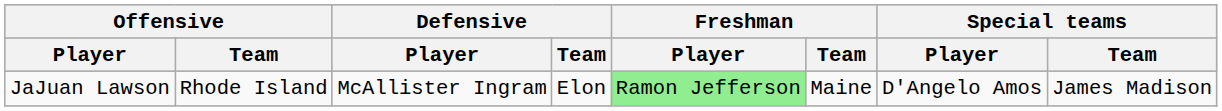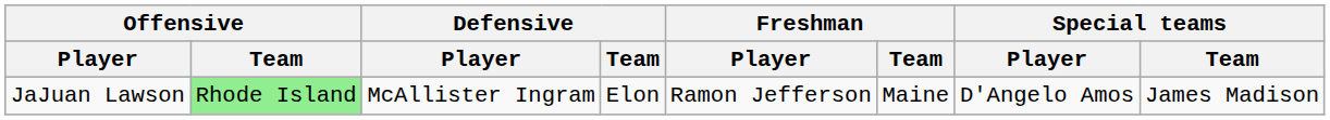 <table class="wikitable" border="1">
 <tr>
 <th colspan="2">Offensive</th>
 <th colspan="2">Defensive</th>
 <th colspan="2">Freshman</th>
 <th colspan="2">Special teams</th>
 </tr>
 <tr>
 <th>Player</th>
 <th>Team</th>
 <th>Player</th>
 <th>Team</th>
 <th>Player</th>
 <th>Team</th>
 <th>Player</th>
 <th>Team</th>
 </tr>
 <tr>
 <td>JaJuan Lawson</td>
-<td>Rhode Island</td>
+<td style="background: lightgreen;">Rhode Island</td>
 <td>McAllister Ingram</td>
 <td>Elon</td>
-<td style="background: lightgreen;">Ramon Jefferson</td>
+<td>Ramon Jefferson</td>
 <td>Maine</td>
 <td>D'Angelo Amos</td>
 <td>James Madison</td>
 </tr>
 </table>
